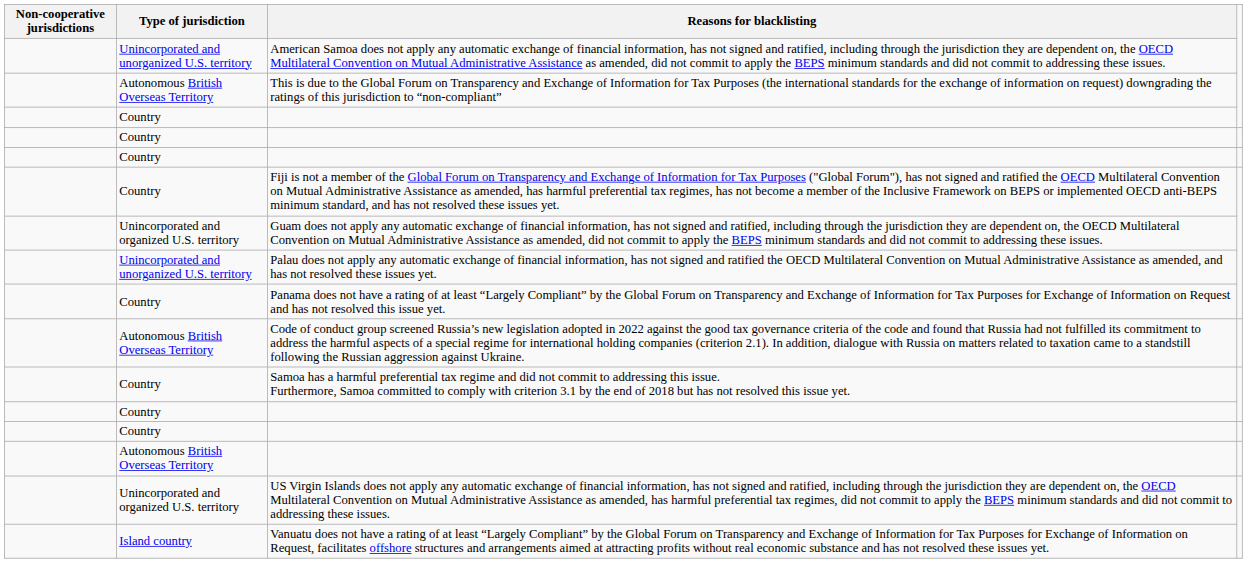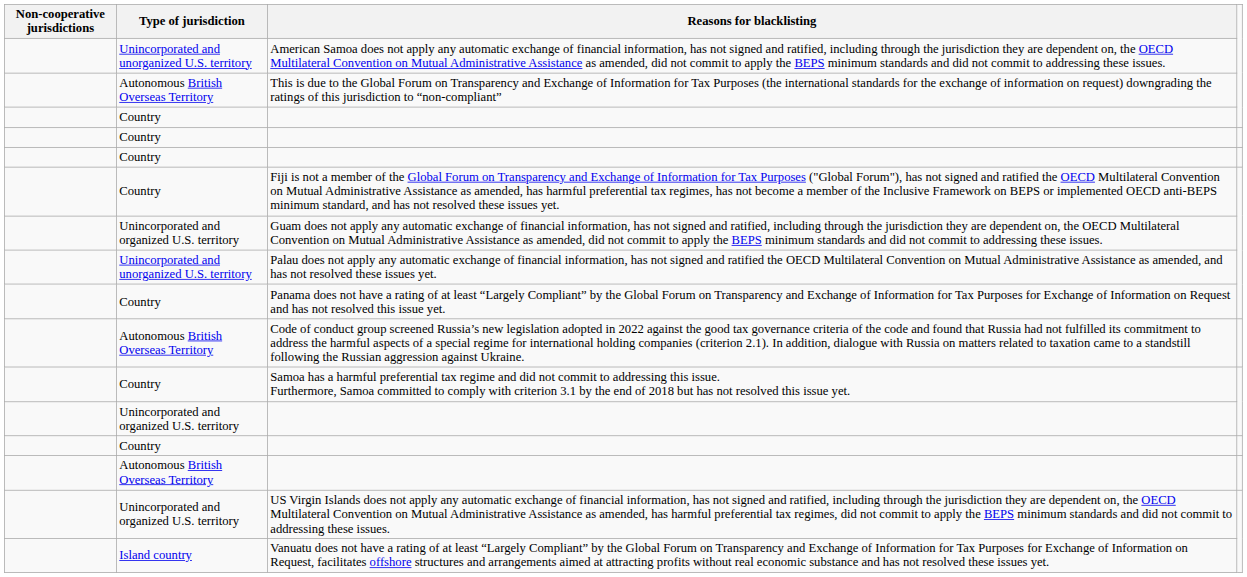 <table class="wikitable sortable">
 <tr>
 <th>Non-cooperative jurisdictions</th>
 <th>Type of jurisdiction</th>
 <th>Reasons for blacklisting</th>
 </tr>
 <tr>
 <td></td>
 <td><a href='#'>Unincorporated and unorganized U.S. territory</a></td>
 <td>American Samoa does not apply any automatic exchange of financial information, has not signed and ratified, including through the jurisdiction they are dependent on, the <a href='#'>OECD Multilateral Convention on Mutual Administrative Assistance</a> as amended, did not commit to apply the <a href='#'>BEPS</a> minimum standards and did not commit to addressing these issues.</td>
 </tr>
 <tr>
 <td></td>
 <td>Autonomous <a href='#'>British Overseas Territory</a></td>
 <td>This is due to the Global Forum on Transparency and Exchange of Information for Tax Purposes (the international standards for the exchange of information on request) downgrading the ratings of this jurisdiction to “non-compliant”</td>
 </tr>
 <tr>
 <td></td>
 <td>Country</td>
 <td></td>
 </tr>
 <tr>
 <td></td>
 <td>Country</td>
 <td></td>
 <td></td>
 </tr>
 <tr>
 <td></td>
 <td>Country</td>
 <td></td>
 <td></td>
 </tr>
 <tr>
 <td></td>
 <td>Country</td>
 <td>Fiji is not a member of the <a href='#'>Global Forum on Transparency and Exchange of Information for Tax Purposes</a> ("Global Forum"), has not signed and ratified the <a href='#'>OECD</a> Multilateral Convention on Mutual Administrative Assistance as amended, has harmful preferential tax regimes, has not become a member of the Inclusive Framework on BEPS or implemented OECD anti-BEPS minimum standard, and has not resolved these issues yet.</td>
 </tr>
 <tr>
 <td></td>
 <td>Unincorporated and organized U.S. territory</td>
 <td>Guam does not apply any automatic exchange of financial information, has not signed and ratified, including through the jurisdiction they are dependent on, the OECD Multilateral Convention on Mutual Administrative Assistance as amended, did not commit to apply the <a href='#'>BEPS</a> minimum standards and did not commit to addressing these issues.</td>
 </tr>
 <tr>
 <td></td>
 <td><a href='#'>Unincorporated and unorganized U.S. territory</a></td>
 <td>Palau does not apply any automatic exchange of financial information, has not signed and ratified the OECD Multilateral Convention on Mutual Administrative Assistance as amended, and has not resolved these issues yet.</td>
 </tr>
 <tr>
 <td></td>
 <td>Country</td>
 <td>Panama does not have a rating of at least “Largely Compliant” by the Global Forum on Transparency and Exchange of Information for Tax Purposes for Exchange of Information on Request and has not resolved this issue yet.</td>
 </tr>
 <tr>
 <td></td>
 <td>Autonomous <a href='#'>British Overseas Territory</a></td>
 <td>Code of conduct group screened Russia’s new legislation adopted in 2022 against the good tax governance criteria of the code and found that Russia had not fulfilled its commitment to address the harmful aspects of a special regime for international holding companies (criterion 2.1). In addition, dialogue with Russia on matters related to taxation came to a standstill following the Russian aggression against Ukraine.</td>
 <td></td>
 </tr>
 <tr>
 <td></td>
 <td>Country</td>
 <td>Samoa has a harmful preferential tax regime and did not commit to addressing this issue.<br>Furthermore, Samoa committed to comply with criterion 3.1 by the end of 2018 but has not resolved this issue yet.</td>
 </tr>
 <tr>
 <td></td>
-<td>Country</td>
+<td>Unincorporated and organized U.S. territory</td>
 <td></td>
 </tr>
 <tr>
 <td></td>
 <td>Country</td>
 <td></td>
 <td></td>
 </tr>
 <tr>
 <td></td>
 <td>Autonomous <a href='#'>British Overseas Territory</a></td>
 <td></td>
 <td></td>
 </tr>
 <tr>
 <td></td>
 <td>Unincorporated and organized U.S. territory</td>
 <td>US Virgin Islands does not apply any automatic exchange of financial information, has not signed and ratified, including through the jurisdiction they are dependent on, the <a href='#'>OECD</a> Multilateral Convention on Mutual Administrative Assistance as amended, has harmful preferential tax regimes, did not commit to apply the <a href='#'>BEPS</a> minimum standards and did not commit to addressing these issues.</td>
 </tr>
 <tr>
 <td></td>
 <td><a href='#'>Island country</a></td>
 <td>Vanuatu does not have a rating of at least “Largely Compliant” by the Global Forum on Transparency and Exchange of Information for Tax Purposes for Exchange of Information on Request, facilitates <a href='#'>offshore</a> structures and arrangements aimed at attracting profits without real economic substance and has not resolved these issues yet.</td>
 </tr>
 </table>
